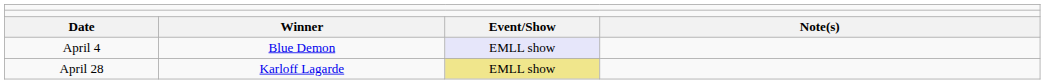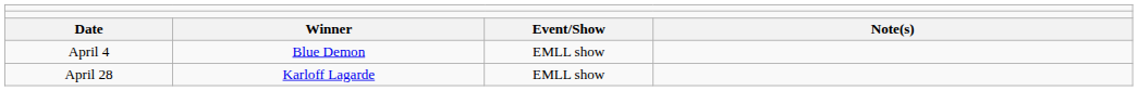 <table class="wikitable" style="text-align:center; width:100%;">
 <tr>
 <td colspan=5></td>
 </tr>
 <tr>
 <td colspan=5><strong></strong></td>
 </tr>
 <tr>
 <th width=14%>Date</th>
 <th width=26%>Winner</th>
 <th width=14%>Event/Show</th>
 <th width=40%>Note(s)</th>
 </tr>
 <tr>
 <td>April 4</td>
 <td><a href='#'>Blue Demon</a></td>
-<td style="background: lavender;">EMLL show</td>
+<td>EMLL show</td>
 <td align=left></td>
 </tr>
 <tr>
 <td>April 28</td>
 <td><a href='#'>Karloff Lagarde</a></td>
-<td style="background: khaki;">EMLL show</td>
+<td>EMLL show</td>
 <td align=left></td>
 </tr>
 </table>
